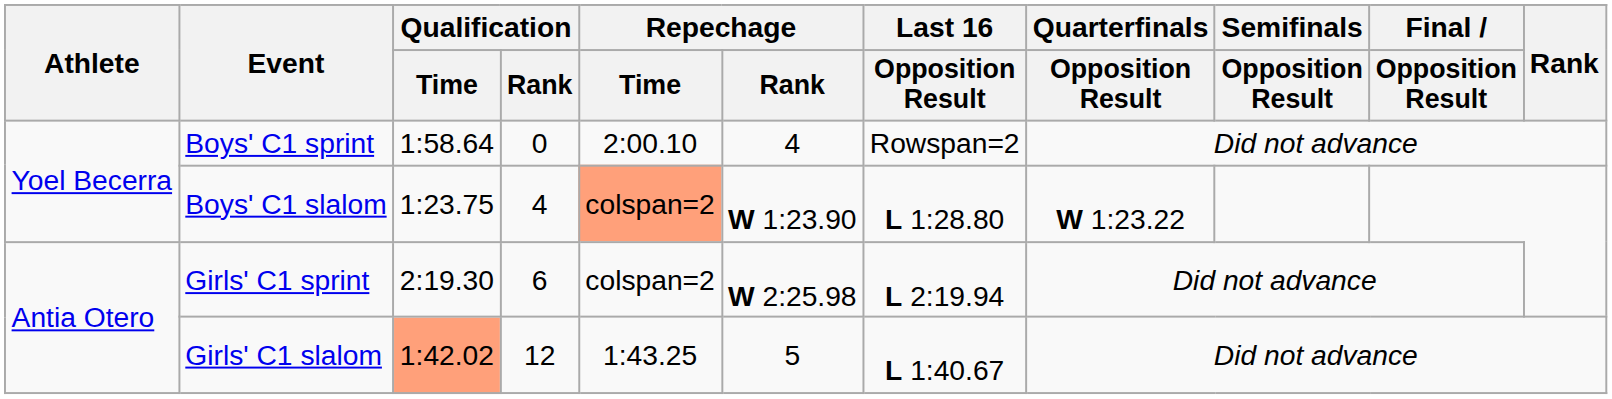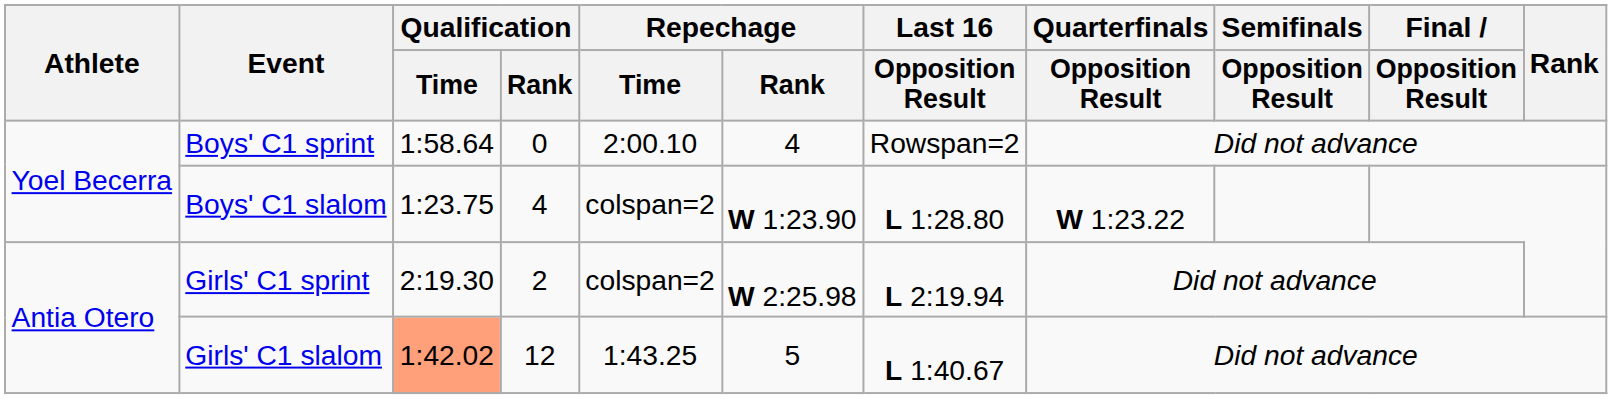 <table class="wikitable" style="font-size:90%">
 <tr>
 <th rowspan=2>Athlete</th>
 <th rowspan=2>Event</th>
 <th colspan=2>Qualification</th>
 <th colspan=2>Repechage</th>
 <th>Last 16</th>
 <th>Quarterfinals</th>
 <th>Semifinals</th>
 <th>Final / </th>
 <th rowspan=2>Rank</th>
 </tr>
 <tr style="font-size:95%">
 <th>Time</th>
 <th>Rank</th>
 <th>Time</th>
 <th>Rank</th>
 <th>Opposition <br>Result</th>
 <th>Opposition <br>Result</th>
 <th>Opposition <br>Result</th>
 <th>Opposition <br>Result</th>
 </tr>
 <tr align=center>
 <td align=left rowspan=2><a href='#'>Yoel Becerra</a></td>
 <td align=left><a href='#'>Boys' C1 sprint</a></td>
 <td>1:58.64</td>
 <td>0</td>
 <td>2:00.10</td>
 <td>4</td>
 <td>Rowspan=2 </td>
 <td Colspan=4><em>Did not advance</em></td>
 </tr>
 <tr align=center>
 <td align=left><a href='#'>Boys' C1 slalom</a></td>
 <td>1:23.75</td>
 <td>4</td>
-<td style="background: lightsalmon;">colspan=2 </td>
+<td>colspan=2 </td>
 <td><br><strong>W</strong> 1:23.90</td>
 <td><br><strong>L</strong> 1:28.80</td>
 <td><br><strong>W</strong> 1:23.22</td>
 <td></td>
 </tr>
 <tr align=center>
 <td align=left rowspan=2><a href='#'>Antia Otero</a></td>
 <td align=left><a href='#'>Girls' C1 sprint</a></td>
 <td>2:19.30</td>
-<td>6</td>
+<td>2</td>
 <td>colspan=2 </td>
 <td><br><strong>W</strong> 2:25.98</td>
 <td><br><strong>L</strong> 2:19.94</td>
 <td colspan=3><em>Did not advance</em></td>
 </tr>
 <tr align=center>
 <td align=left><a href='#'>Girls' C1 slalom</a></td>
 <td style="background: lightsalmon;">1:42.02</td>
 <td>12</td>
 <td>1:43.25</td>
 <td>5</td>
 <td><br><strong>L</strong> 1:40.67</td>
 <td Colspan=4><em>Did not advance</em></td>
 </tr>
 </table>
